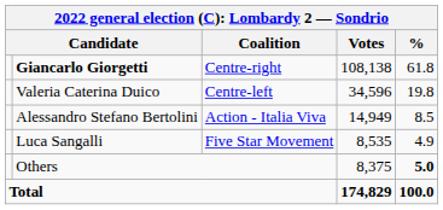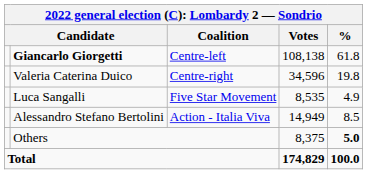 <table class=wikitable style=text-align:right>
 <tr>
 <th colspan=5><a href='#'>2022 general election</a> (<a href='#'>C</a>): <a href='#'>Lombardy</a> 2 — <a href='#'>Sondrio</a></th>
 </tr>
 <tr>
 <th colspan=2>Candidate</th>
 <th>Coalition</th>
 <th>Votes</th>
 <th>%</th>
 </tr>
 <tr>
 <td></td>
 <td align=left><strong>Giancarlo Giorgetti</strong></td>
-<td align=left><a href='#'>Centre-right</a></td>
+<td align=left><a href='#'>Centre-left</a></td>
 <td>108,138</td>
 <td>61.8</td>
 </tr>
 <tr>
 <td></td>
 <td align=left>Valeria Caterina Duico</td>
-<td align=left><a href='#'>Centre-left</a></td>
+<td align=left><a href='#'>Centre-right</a></td>
 <td>34,596</td>
 <td>19.8</td>
+</tr>
+<tr>
+<td></td>
+<td align=left>Luca Sangalli</td>
+<td align=left><a href='#'>Five Star Movement</a></td>
+<td>8,535</td>
+<td>4.9</td>
 </tr>
 <tr>
 <td></td>
 <td align=left>Alessandro Stefano Bertolini</td>
 <td align=left><a href='#'>Action - Italia Viva</a></td>
 <td>14,949</td>
 <td>8.5</td>
-</tr>
-<tr>
-<td></td>
-<td align=left>Luca Sangalli</td>
-<td align=left><a href='#'>Five Star Movement</a></td>
-<td>8,535</td>
-<td>4.9</td>
 </tr>
 <tr>
 <td></td>
 <td align=left colspan=2>Others</td>
 <td>8,375</td>
 <td><strong>5.0</strong></td>
 </tr>
 <tr>
 <td align=left colspan=3><strong>Total</strong></td>
 <td><strong>174,829</strong></td>
 <td><strong>100.0</strong></td>
 </tr>
 </table>
